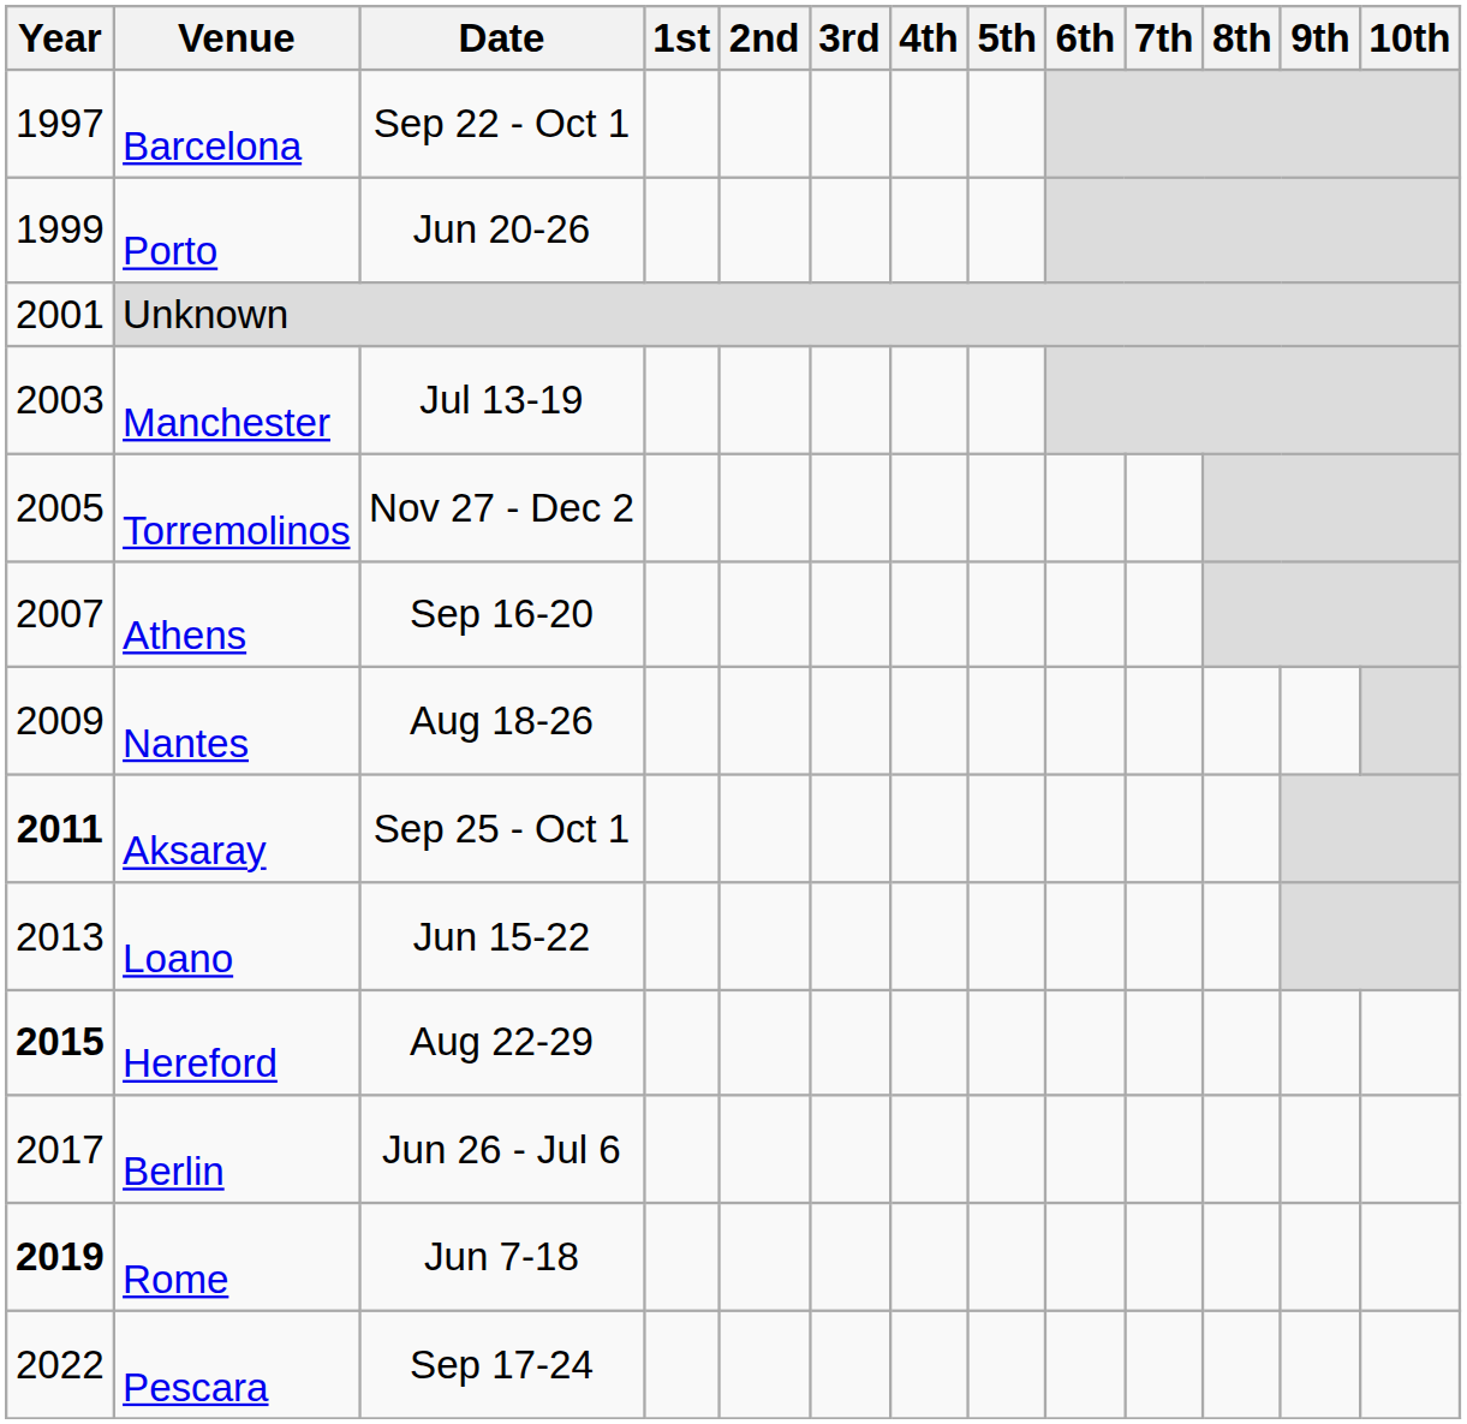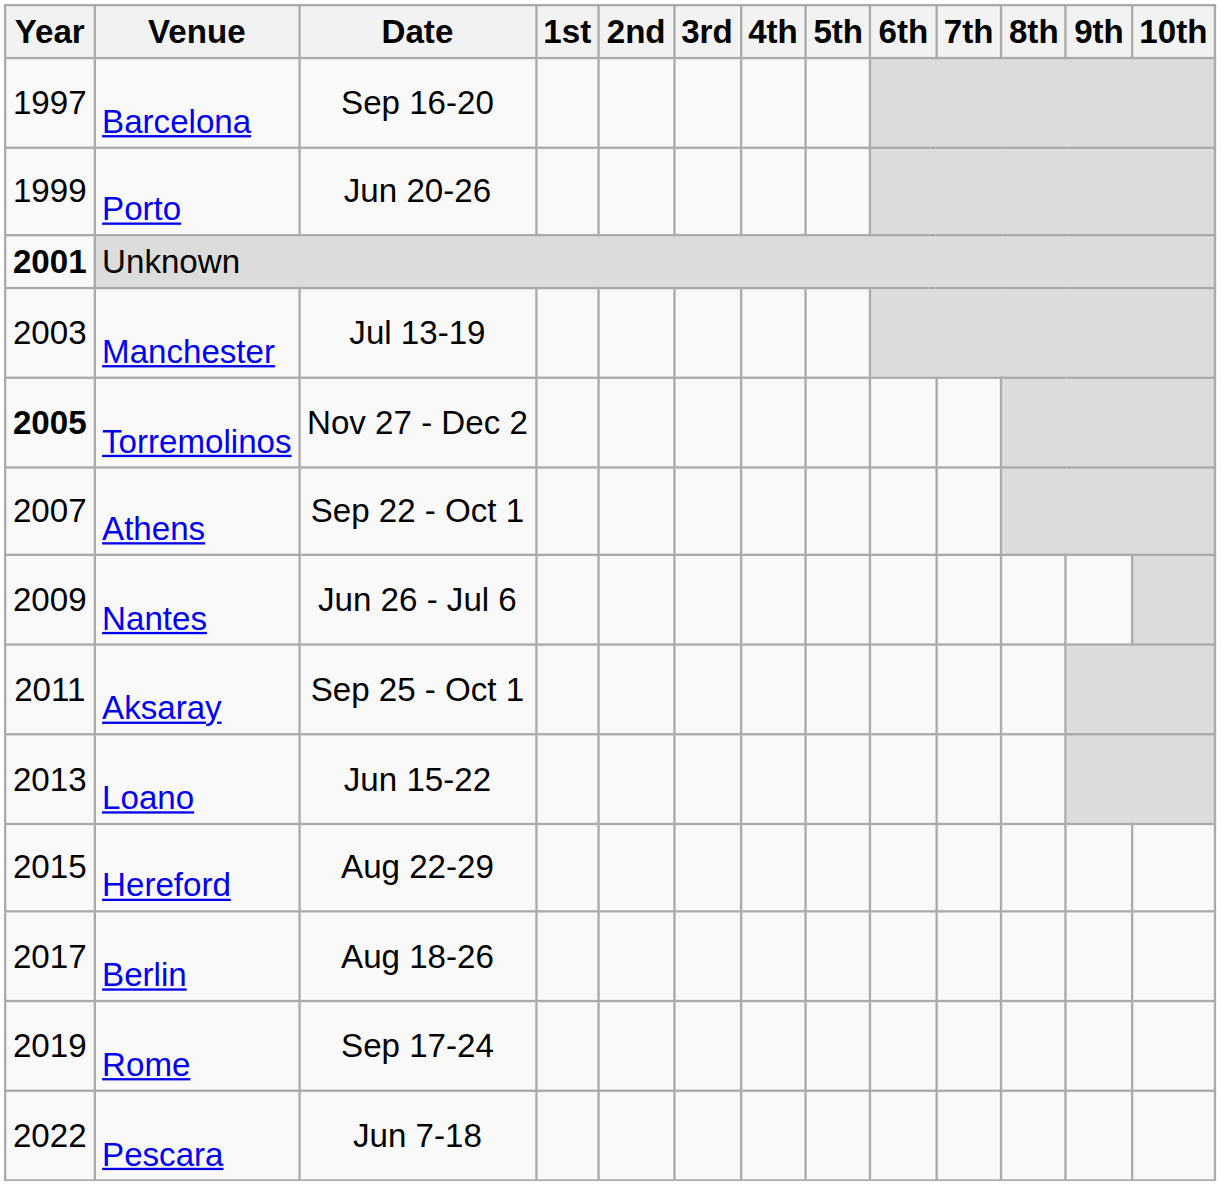 <table class="wikitable" style="text-align:left; font-size:90%">
 <tr>
 <th>Year</th>
 <th>Venue</th>
 <th>Date</th>
 <th>1st</th>
 <th>2nd</th>
 <th>3rd</th>
 <th>4th</th>
 <th>5th</th>
 <th>6th</th>
 <th>7th</th>
 <th>8th</th>
 <th>9th</th>
 <th>10th</th>
 </tr>
 <tr>
 <td align="center">1997</td>
 <td><br><a href='#'>Barcelona</a></td>
-<td align="center">Sep 22 - Oct 1</td>
+<td align="center">Sep 16-20</td>
 <td></td>
 <td></td>
 <td></td>
 <td></td>
 <td></td>
 <td colspan=5 bgcolor=#DCDCDC></td>
 </tr>
 <tr>
 <td align="center">1999</td>
 <td><br><a href='#'>Porto</a></td>
 <td align="center">Jun 20-26</td>
 <td></td>
 <td></td>
 <td></td>
 <td></td>
 <td></td>
 <td colspan=5 bgcolor=#DCDCDC></td>
 </tr>
 <tr>
-<td align="center">2001</td>
+<td align="center"><strong>2001</strong></td>
 <td colspan=12 bgcolor=#DCDCDC>Unknown</td>
 </tr>
 <tr>
 <td align="center">2003</td>
 <td><br><a href='#'>Manchester</a></td>
 <td align="center">Jul 13-19</td>
 <td></td>
 <td></td>
 <td></td>
 <td></td>
 <td></td>
 <td colspan=5 bgcolor=#DCDCDC></td>
 </tr>
 <tr>
-<td align="center">2005</td>
+<td align="center"><strong>2005</strong></td>
 <td><br><a href='#'>Torremolinos</a></td>
 <td align="center">Nov 27 - Dec 2</td>
 <td></td>
 <td></td>
 <td></td>
 <td></td>
 <td></td>
 <td></td>
 <td></td>
 <td colspan=3 bgcolor=#DCDCDC></td>
 </tr>
 <tr>
 <td align="center">2007</td>
 <td><br><a href='#'>Athens</a></td>
-<td align="center">Sep 16-20</td>
+<td align="center">Sep 22 - Oct 1</td>
 <td></td>
 <td></td>
 <td></td>
 <td></td>
 <td></td>
 <td></td>
 <td></td>
 <td colspan=3 bgcolor=#DCDCDC></td>
 </tr>
 <tr>
 <td align="center">2009</td>
 <td><br><a href='#'>Nantes</a></td>
-<td align="center">Aug 18-26</td>
+<td align="center">Jun 26 - Jul 6</td>
 <td></td>
 <td></td>
 <td></td>
 <td></td>
 <td></td>
 <td></td>
 <td></td>
 <td></td>
 <td></td>
 <td colspan=1 bgcolor=#DCDCDC></td>
 </tr>
 <tr>
-<td align="center"><strong>2011</strong></td>
+<td align="center">2011</td>
 <td><br><a href='#'>Aksaray</a></td>
 <td align="center">Sep 25 - Oct 1</td>
 <td></td>
 <td></td>
 <td></td>
 <td></td>
 <td></td>
 <td></td>
 <td></td>
 <td></td>
 <td colspan=2 bgcolor=#DCDCDC></td>
 </tr>
 <tr>
 <td align="center">2013</td>
 <td><br><a href='#'>Loano</a></td>
 <td align="center">Jun 15-22</td>
 <td></td>
 <td></td>
 <td></td>
 <td></td>
 <td></td>
 <td></td>
 <td></td>
 <td></td>
 <td colspan=2 bgcolor=#DCDCDC></td>
 </tr>
 <tr>
-<td align="center"><strong>2015</strong></td>
+<td align="center">2015</td>
 <td><br><a href='#'>Hereford</a></td>
 <td align="center">Aug 22-29</td>
 <td></td>
 <td></td>
 <td></td>
 <td></td>
 <td></td>
 <td></td>
 <td></td>
 <td></td>
 <td></td>
 <td></td>
 </tr>
 <tr>
 <td align="center">2017</td>
 <td><br><a href='#'>Berlin</a></td>
-<td align="center">Jun 26 - Jul 6</td>
+<td align="center">Aug 18-26</td>
 <td></td>
 <td></td>
 <td></td>
 <td></td>
 <td></td>
 <td></td>
 <td></td>
 <td></td>
 <td></td>
 <td></td>
 </tr>
 <tr>
-<td align="center"><strong>2019</strong></td>
+<td align="center">2019</td>
 <td><br><a href='#'>Rome</a></td>
-<td align="center">Jun 7-18</td>
+<td align="center">Sep 17-24</td>
 <td></td>
 <td></td>
 <td></td>
 <td></td>
 <td></td>
 <td></td>
 <td></td>
 <td></td>
 <td></td>
 <td></td>
 </tr>
 <tr>
 <td align="center">2022</td>
 <td><br><a href='#'>Pescara</a></td>
-<td align="center">Sep 17-24</td>
+<td align="center">Jun 7-18</td>
 <td></td>
 <td></td>
 <td></td>
 <td></td>
 <td></td>
 <td></td>
 <td></td>
 <td></td>
 <td></td>
 <td></td>
 </tr>
 </table>
